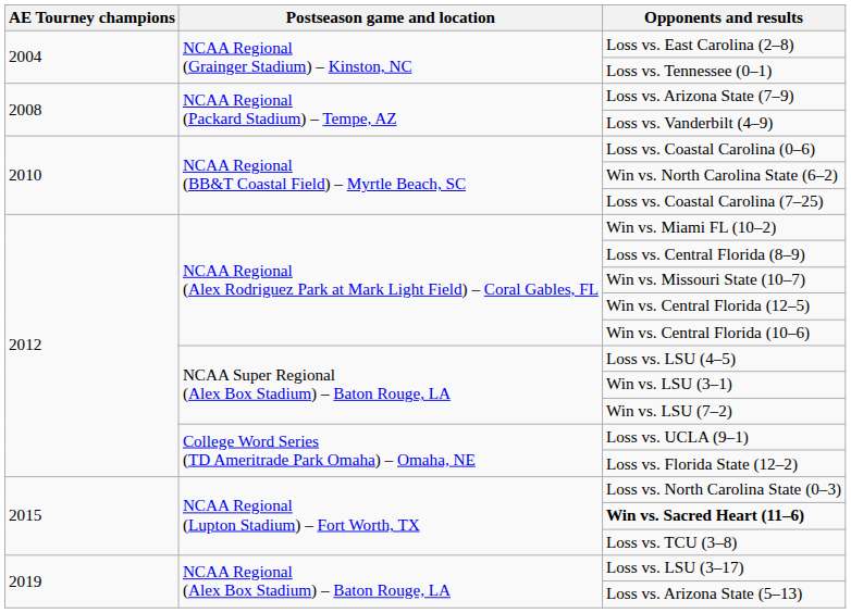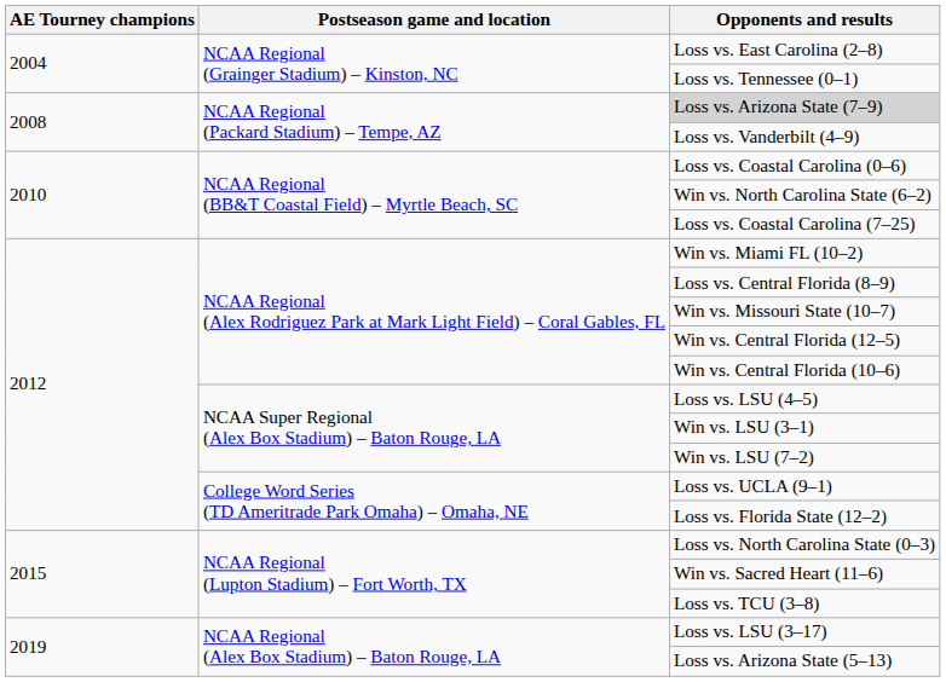 <table class="wikitable" align="center">
 <tr>
 <th>AE Tourney champions</th>
 <th>Postseason game and location</th>
 <th>Opponents and results</th>
 </tr>
 <tr>
 <td rowspan="2">2004</td>
 <td rowspan="2"><a href='#'>NCAA Regional</a> <br> (<a href='#'>Grainger Stadium</a>) – <a href='#'>Kinston, NC</a></td>
 <td>Loss vs. East Carolina (2–8)</td>
 </tr>
 <tr>
 <td>Loss vs. Tennessee (0–1)</td>
 </tr>
 <tr>
 <td rowspan="2">2008</td>
 <td rowspan="2"><a href='#'>NCAA Regional</a> <br> (<a href='#'>Packard Stadium</a>) – <a href='#'>Tempe, AZ</a></td>
-<td>Loss vs. Arizona State (7–9)</td>
+<td style="background: lightgrey;">Loss vs. Arizona State (7–9)</td>
 </tr>
 <tr>
 <td>Loss vs. Vanderbilt (4–9)</td>
 </tr>
 <tr>
 <td rowspan="3">2010</td>
 <td rowspan="3"><a href='#'>NCAA Regional</a> <br> (<a href='#'>BB&T Coastal Field</a>) – <a href='#'>Myrtle Beach, SC</a></td>
 <td>Loss vs. Coastal Carolina (0–6)</td>
 </tr>
 <tr>
 <td>Win vs. North Carolina State (6–2)</td>
 </tr>
 <tr>
 <td>Loss vs. Coastal Carolina (7–25)</td>
 </tr>
 <tr>
 <td rowspan="10">2012</td>
 <td rowspan="5"><a href='#'>NCAA Regional</a> <br> (<a href='#'>Alex Rodriguez Park at Mark Light Field</a>) – <a href='#'>Coral Gables, FL</a></td>
 <td>Win vs. Miami FL (10–2)</td>
 </tr>
 <tr>
 <td>Loss vs. Central Florida (8–9)</td>
 </tr>
 <tr>
 <td>Win vs. Missouri State (10–7)</td>
 </tr>
 <tr>
 <td>Win vs. Central Florida (12–5)</td>
 </tr>
 <tr>
 <td>Win vs. Central Florida (10–6)</td>
 </tr>
 <tr>
 <td rowspan="3">NCAA Super Regional <br> (<a href='#'>Alex Box Stadium</a>) – <a href='#'>Baton Rouge, LA</a></td>
 <td>Loss vs. LSU (4–5)</td>
 </tr>
 <tr>
 <td>Win vs. LSU (3–1)</td>
 </tr>
 <tr>
 <td>Win vs. LSU (7–2)</td>
 </tr>
 <tr>
 <td rowspan="2"><a href='#'>College Word Series</a> <br> (<a href='#'>TD Ameritrade Park Omaha</a>) – <a href='#'>Omaha, NE</a></td>
 <td>Loss vs. UCLA (9–1)</td>
 </tr>
 <tr>
 <td>Loss vs. Florida State (12–2)</td>
 </tr>
 <tr>
 <td rowspan="3">2015</td>
 <td rowspan="3"><a href='#'>NCAA Regional</a> <br> (<a href='#'>Lupton Stadium</a>) – <a href='#'>Fort Worth, TX</a></td>
 <td>Loss vs. North Carolina State (0–3)</td>
 </tr>
 <tr>
-<td><strong>Win vs. Sacred Heart (11–6)</strong></td>
+<td>Win vs. Sacred Heart (11–6)</td>
 </tr>
 <tr>
 <td>Loss vs. TCU (3–8)</td>
 </tr>
 <tr>
 <td rowspan="2">2019</td>
 <td rowspan="2"><a href='#'>NCAA Regional</a><br>(<a href='#'>Alex Box Stadium</a>) – <a href='#'>Baton Rouge, LA</a></td>
 <td>Loss vs. LSU (3–17)</td>
 </tr>
 <tr>
 <td>Loss vs. Arizona State (5–13)</td>
 </tr>
 </table>
